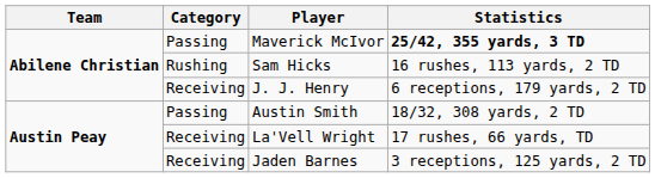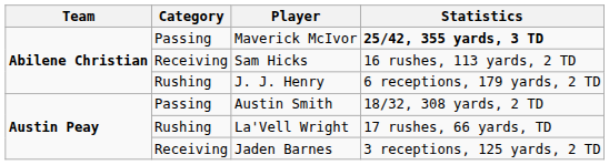 <table class="wikitable" style="float: right;">
 <tr>
 <th>Team</th>
 <th>Category</th>
 <th>Player</th>
 <th>Statistics</th>
 </tr>
 <tr>
 <td rowspan=3><strong>Abilene Christian</strong></td>
 <td>Passing</td>
 <td>Maverick McIvor</td>
 <td><strong>25/42, 355 yards, 3 TD</strong></td>
 </tr>
 <tr>
-<td>Rushing</td>
+<td>Receiving</td>
 <td>Sam Hicks</td>
 <td>16 rushes, 113 yards, 2 TD</td>
 </tr>
 <tr>
-<td>Receiving</td>
+<td>Rushing</td>
 <td>J. J. Henry</td>
 <td>6 receptions, 179 yards, 2 TD</td>
 </tr>
 <tr>
 <td rowspan=3><strong>Austin Peay</strong></td>
 <td>Passing</td>
 <td>Austin Smith</td>
 <td>18/32, 308 yards, 2 TD</td>
 </tr>
 <tr>
-<td>Receiving</td>
+<td>Rushing</td>
 <td>La'Vell Wright</td>
 <td>17 rushes, 66 yards, TD</td>
 </tr>
 <tr>
 <td>Receiving</td>
 <td>Jaden Barnes</td>
 <td>3 receptions, 125 yards, 2 TD</td>
 </tr>
 </table>
